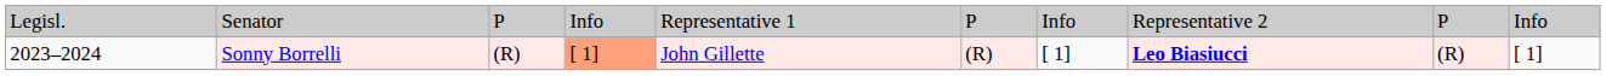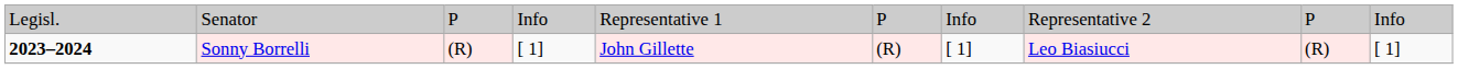 <table class=wikitable width="100%" border="1">
 <tr style="background-color:#cccccc;">
 <td>Legisl.</td>
 <td>Senator</td>
 <td>P</td>
 <td>Info</td>
 <td>Representative 1</td>
 <td>P</td>
 <td>Info</td>
 <td>Representative 2</td>
 <td>P</td>
 <td>Info</td>
 </tr>
 <tr>
-<td>2023–2024</td>
+<td><strong>2023–2024</strong></td>
 <td style="background:#FFE8E8"><a href='#'>Sonny Borrelli</a></td>
 <td style="background:#FFE8E8">(R)</td>
-<td style="background: lightsalmon;">[ 1]</td>
+<td>[ 1]</td>
 <td style="background:#FFE8E8"><a href='#'>John Gillette</a></td>
 <td style="background:#FFE8E8">(R)</td>
 <td>[ 1]</td>
-<td style="background:#FFE8E8"><strong><a href='#'>Leo Biasiucci</a></strong></td>
+<td style="background:#FFE8E8"><a href='#'>Leo Biasiucci</a></td>
 <td style="background:#FFE8E8">(R)</td>
 <td>[ 1]</td>
 </tr>
 <tr>
 </tr>
 </table>
